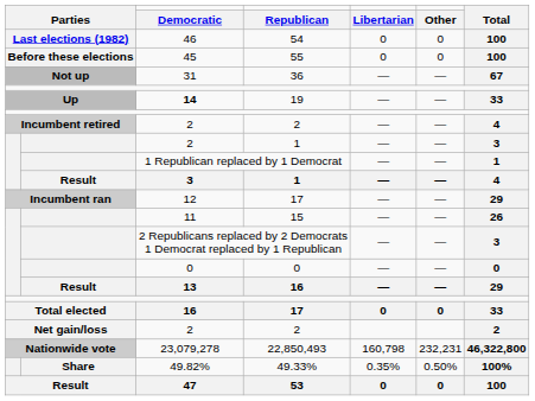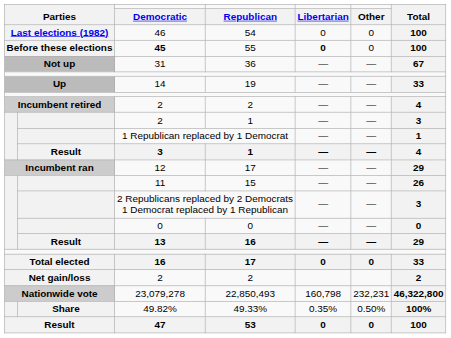 <table class=wikitable style=text-align:center>
 <tr valign=bottom>
 <th rowspan=2 colspan=2>Parties</th>
 <td style="background-color:"></td>
 <td style="background-color:"></td>
 <td style="background-color:"></td>
 <td style="background-color:"></td>
 <th rowspan=2>Total</th>
 </tr>
 <tr valign=bottom>
 <th><a href='#'>Democratic</a></th>
 <th><a href='#'>Republican</a></th>
 <th><a href='#'>Libertarian</a></th>
 <th>Other</th>
 </tr>
 <tr>
 <th colspan=2><a href='#'>Last elections (1982)</a></th>
 <td>46</td>
 <td>54</td>
 <td>0</td>
 <td>0</td>
 <th>100</th>
 </tr>
 <tr>
 <th colspan=2 class=small>Before these elections</th>
-<td>45</td>
+<td><strong>45</strong></td>
 <td>55</td>
-<td>0</td>
+<td><strong>0</strong></td>
 <td>0</td>
 <th>100</th>
 </tr>
 <tr>
 <th colspan=2 style="background:#bbb">Not up</th>
 <td>31</td>
 <td>36</td>
 <td>—</td>
 <td>—</td>
 <th>67</th>
 </tr>
 <tr>
 <td colspan=100></td>
 </tr>
 <tr>
 <th colspan=2 style="background:#bbb">Up<br></th>
-<td><strong>14</strong></td>
+<td>14</td>
 <td>19</td>
 <td>—</td>
 <td>—</td>
 <th>33</th>
 </tr>
 <tr>
 <td colspan=100></td>
 </tr>
 <tr>
 <th colspan=2 style="background:#ccc">Incumbent retired</th>
 <td>2</td>
 <td>2</td>
 <td>—</td>
 <td>—</td>
 <th>4</th>
 </tr>
 <tr>
 <th rowspan=3></th>
 <th></th>
 <td>2</td>
 <td>1</td>
 <td>—</td>
 <td>—</td>
 <th>3</th>
 </tr>
 <tr>
 <th></th>
 <td colspan=2 > 1 Republican replaced by  1 Democrat</td>
 <td>—</td>
 <td>—</td>
 <th>1</th>
 </tr>
 <tr>
 <th>Result</th>
 <th>3</th>
 <th>1</th>
 <th>—</th>
 <th>—</th>
 <th>4</th>
 </tr>
 <tr>
 <th colspan=2 style="background:#ccc">Incumbent ran</th>
 <td>12</td>
 <td>17</td>
 <td>—</td>
 <td>—</td>
 <th>29</th>
 </tr>
 <tr>
 <th rowspan=4></th>
 <th></th>
 <td>11</td>
 <td>15</td>
 <td>—</td>
 <td>—</td>
 <th>26</th>
 </tr>
 <tr>
 <th></th>
 <td colspan=2 > 2 Republicans replaced by  2 Democrats<br> 1 Democrat replaced by  1 Republican</td>
 <td>—</td>
 <td>—</td>
 <th>3</th>
 </tr>
 <tr>
 <th></th>
 <td>0</td>
 <td>0</td>
 <td>—</td>
 <td>—</td>
 <th>0</th>
 </tr>
 <tr>
 <th>Result</th>
 <th>13</th>
 <th>16</th>
 <th>—</th>
 <th>—</th>
 <th>29</th>
 </tr>
 <tr>
 <td colspan=100></td>
 </tr>
 <tr>
 <th colspan=2>Total elected</th>
 <th>16</th>
 <th>17</th>
 <th>0</th>
 <th>0</th>
 <th>33</th>
 </tr>
 <tr>
 <th colspan=2>Net gain/loss</th>
 <td> 2</td>
 <td> 2</td>
 <td></td>
 <td></td>
 <th>2</th>
 </tr>
 <tr>
 <th colspan=2 style="background:#ccc">Nationwide vote</th>
 <td>23,079,278</td>
 <td>22,850,493</td>
 <td>160,798</td>
 <td>232,231</td>
 <th>46,322,800</th>
 </tr>
 <tr>
 <th></th>
 <th>Share</th>
 <td>49.82%</td>
 <td>49.33%</td>
 <td>0.35%</td>
 <td>0.50%</td>
 <th>100%</th>
 </tr>
 <tr>
 <th colspan=2>Result</th>
 <th>47</th>
 <th>53</th>
 <th>0</th>
 <th>0</th>
 <th>100</th>
 </tr>
 </table>
